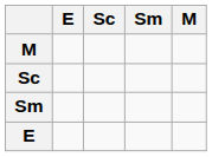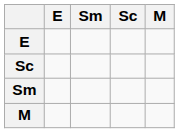 <table class="wikitable" style="text-align:center">
 <tr>
 <th></th>
 <th> E </th>
+<th> Sm </th>
 <th> Sc </th>
-<th> Sm </th>
 <th> M </th>
 </tr>
 <tr>
-<th> M </th>
+<th> E </th>
 <td></td>
 <td></td>
 <td></td>
 <td></td>
 </tr>
 <tr>
 <th> Sc </th>
 <td></td>
 <td></td>
 <td></td>
 <td></td>
 </tr>
 <tr>
 <th> Sm </th>
 <td></td>
 <td></td>
 <td></td>
 <td></td>
 </tr>
 <tr>
-<th> E </th>
+<th> M </th>
 <td></td>
 <td></td>
 <td></td>
 <td></td>
 </tr>
 </table>
